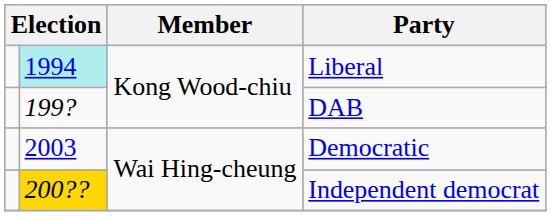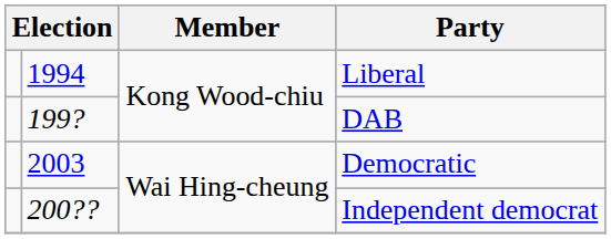 <table class="wikitable">
 <tr>
 <th colspan="2">Election</th>
 <th>Member</th>
 <th>Party</th>
 </tr>
 <tr>
 <td style="color:inherit;background:"></td>
-<td style="background: paleturquoise;"><a href='#'>1994</a></td>
+<td><a href='#'>1994</a></td>
 <td rowspan=2>Kong Wood-chiu</td>
 <td><a href='#'>Liberal</a></td>
 </tr>
 <tr>
 <td style="color:inherit;background:"></td>
 <td><em>199?</em></td>
 <td><a href='#'>DAB</a></td>
 </tr>
 <tr>
 <td style="color:inherit;background:"></td>
 <td><a href='#'>2003</a></td>
 <td rowspan=2>Wai Hing-cheung</td>
 <td><a href='#'>Democratic</a></td>
 </tr>
 <tr>
 <td style="color:inherit;background:"></td>
-<td style="background: gold;"><em>200??</em></td>
+<td><em>200??</em></td>
 <td><a href='#'>Independent democrat</a></td>
 </tr>
 <tr>
 </tr>
 </table>
